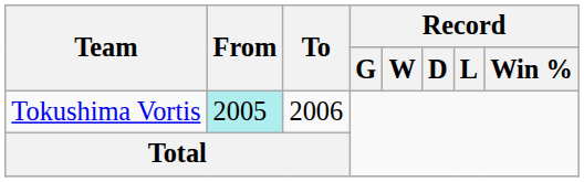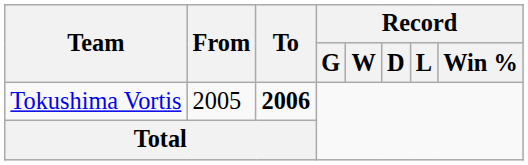 <table class="wikitable" style="text-align: center">
 <tr>
 <th rowspan="2">Team</th>
 <th rowspan="2">From</th>
 <th rowspan="2">To</th>
 <th colspan="5">Record</th>
 </tr>
 <tr>
 <th>G</th>
 <th>W</th>
 <th>D</th>
 <th>L</th>
 <th>Win %</th>
 </tr>
 <tr>
 <td align="left"><a href='#'>Tokushima Vortis</a></td>
-<td align="left" style="background: paleturquoise;">2005</td>
-<td align="left">2006<br></td>
+<td align="left">2005</td>
+<td align="left"><strong>2006<br></strong></td>
 </tr>
 <tr>
 <th colspan="3">Total<br></th>
 </tr>
 </table>
